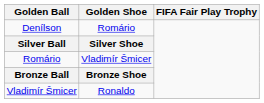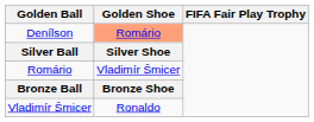 <table class="wikitable" style="margin: 0 auto;">
 <tr>
 <th>Golden Ball</th>
 <th>Golden Shoe</th>
 <th>FIFA Fair Play Trophy</th>
 </tr>
 <tr>
 <td align=center> <a href='#'>Denílson</a></td>
-<td align=center> <a href='#'>Romário</a></td>
+<td align=center style="background: lightsalmon;"> <a href='#'>Romário</a></td>
 <td rowspan="5" align=center></td>
 </tr>
 <tr>
 <th>Silver Ball</th>
 <th>Silver Shoe</th>
 </tr>
 <tr>
 <td align=center> <a href='#'>Romário</a></td>
 <td align=center> <a href='#'>Vladimír Šmicer</a></td>
 </tr>
 <tr>
 <th>Bronze Ball</th>
 <th>Bronze Shoe</th>
 </tr>
 <tr>
 <td align=center> <a href='#'>Vladimír Šmicer</a></td>
 <td align=center> <a href='#'>Ronaldo</a></td>
 </tr>
 </table>
